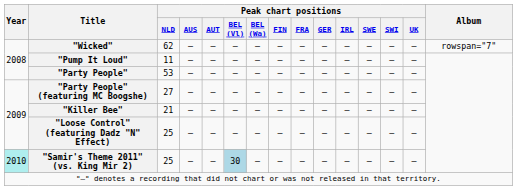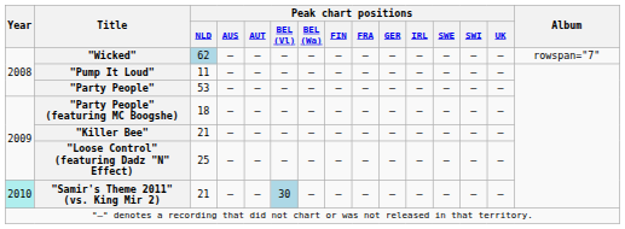 <table class="wikitable plainrowheaders" style="text-align:center;">
 <tr>
 <th scope="col" rowspan="2" style="width:1em;">Year</th>
 <th scope="col" rowspan="2" style="width:15em;">Title</th>
 <th scope="col" colspan="12">Peak chart positions</th>
 <th scope="col" rowspan="2" style="width:10em;">Album</th>
 </tr>
 <tr>
 <th scope="col" style="width:2.5em;font-size:90%;"><a href='#'>NLD</a><br></th>
 <th scope="col" style="width:2.5em;font-size:90%;"><a href='#'>AUS</a><br></th>
 <th scope="col" style="width:2.5em;font-size:90%;"><a href='#'>AUT</a><br></th>
 <th scope="col" style="width:2.5em;font-size:90%;"><a href='#'>BEL (Vl)</a><br></th>
 <th scope="col" style="width:2.5em;font-size:90%;"><a href='#'>BEL (Wa)</a><br></th>
 <th scope="col" style="width:2.5em;font-size:90%;"><a href='#'>FIN</a><br></th>
 <th scope="col" style="width:2.5em;font-size:90%;"><a href='#'>FRA</a><br></th>
 <th scope="col" style="width:2.5em;font-size:90%;"><a href='#'>GER</a><br></th>
 <th scope="col" style="width:2.5em;font-size:90%;"><a href='#'>IRL</a><br></th>
 <th scope="col" style="width:2.5em;font-size:90%;"><a href='#'>SWE</a><br></th>
 <th scope="col" style="width:2.5em;font-size:90%;"><a href='#'>SWI</a><br></th>
 <th scope="col" style="width:2.5em;font-size:90%;"><a href='#'>UK</a><br></th>
 </tr>
 <tr>
 <td rowspan="3">2008</td>
 <th scope="row">"Wicked"</th>
-<td>62</td>
+<td style="background: lightblue;">62</td>
 <td>—</td>
 <td>—</td>
 <td>—</td>
 <td>—</td>
 <td>—</td>
 <td>—</td>
 <td>—</td>
 <td>—</td>
 <td>—</td>
 <td>—</td>
 <td>—</td>
 <td>rowspan="7" </td>
 </tr>
 <tr>
 <th scope="row">"Pump It Loud"</th>
 <td>11</td>
 <td>—</td>
 <td>—</td>
 <td>—</td>
 <td>—</td>
 <td>—</td>
 <td>—</td>
 <td>—</td>
 <td>—</td>
 <td>—</td>
 <td>—</td>
 <td>—</td>
 </tr>
 <tr>
 <th scope="row">"Party People"</th>
 <td>53</td>
 <td>—</td>
 <td>—</td>
 <td>—</td>
 <td>—</td>
 <td>—</td>
 <td>—</td>
 <td>—</td>
 <td>—</td>
 <td>—</td>
 <td>—</td>
 <td>—</td>
 </tr>
 <tr>
 <td rowspan="3">2009</td>
 <th scope="row">"Party People" <br><span>(featuring MC Boogshe)</span></th>
-<td>27</td>
+<td>18</td>
 <td>—</td>
 <td>—</td>
 <td>—</td>
 <td>—</td>
 <td>—</td>
 <td>—</td>
 <td>—</td>
 <td>—</td>
 <td>—</td>
 <td>—</td>
 <td>—</td>
 </tr>
 <tr>
 <th scope="row">"Killer Bee"</th>
 <td>21</td>
 <td>—</td>
 <td>—</td>
 <td>—</td>
 <td>—</td>
 <td>—</td>
 <td>—</td>
 <td>—</td>
 <td>—</td>
 <td>—</td>
 <td>—</td>
 <td>—</td>
 </tr>
 <tr>
 <th scope="row">"Loose Control" <br><span>(featuring Dadz "N" Effect)</span></th>
 <td>25</td>
 <td>—</td>
 <td>—</td>
 <td>—</td>
 <td>—</td>
 <td>—</td>
 <td>—</td>
 <td>—</td>
 <td>—</td>
 <td>—</td>
 <td>—</td>
 <td>—</td>
 </tr>
 <tr>
 <td rowspan="1" style="background: paleturquoise;">2010</td>
 <th scope="row">"Samir's Theme 2011" <br><span>(vs. King Mir 2)</span></th>
-<td>25</td>
+<td>21</td>
 <td>—</td>
 <td>—</td>
 <td style="background: lightblue;">30</td>
 <td>—</td>
 <td>—</td>
 <td>—</td>
 <td>—</td>
 <td>—</td>
 <td>—</td>
 <td>—</td>
 <td>—</td>
 </tr>
 <tr>
 <td colspan="16" style="font-size:90%">"—" denotes a recording that did not chart or was not released in that territory.</td>
 </tr>
 </table>
